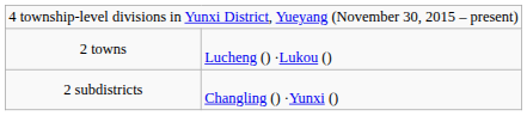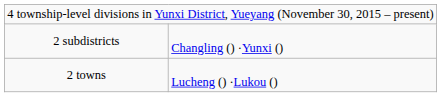 <table class="wikitable">
 <tr>
 <td style="text-align:center;" colspan="2">4 township-level divisions in <a href='#'>Yunxi District</a>, <a href='#'>Yueyang</a> (November 30, 2015 – present)</td>
 </tr>
 <tr align=left>
+<td align=center>2 subdistricts</td>
+<td><br><a href='#'>Changling</a> () ·<a href='#'>Yunxi</a> ()</td>
+</tr>
+<tr align=left>
 <td align=center>2 towns</td>
 <td><br><a href='#'>Lucheng</a> () ·<a href='#'>Lukou</a> ()</td>
 </tr>
-<tr align=left>
-<td align=center>2 subdistricts</td>
-<td><br><a href='#'>Changling</a> () ·<a href='#'>Yunxi</a> ()</td>
-</tr>
 </table>
